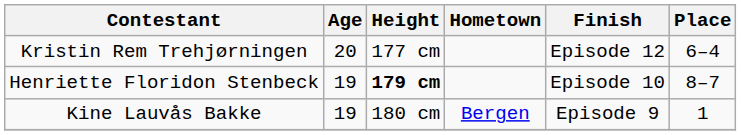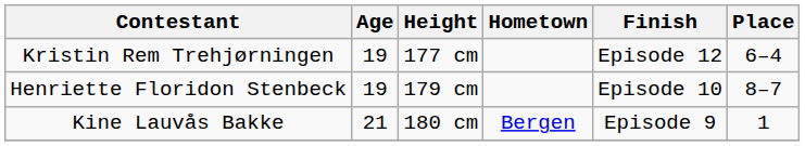 <table class="wikitable" style="text-align:center;">
 <tr>
 <th colspan="1">Contestant</th>
 <th colspan="1">Age</th>
 <th colspan="1">Height</th>
 <th colspan="1">Hometown</th>
 <th>Finish</th>
 <th>Place</th>
 </tr>
 <tr>
 <td>Kristin Rem Trehjørningen</td>
-<td>20</td>
+<td>19</td>
 <td>177 cm</td>
 <td></td>
 <td>Episode 12</td>
 <td>6–4</td>
 </tr>
 <tr>
 <td>Henriette Floridon Stenbeck</td>
 <td>19</td>
-<td><strong>179 cm</strong></td>
+<td>179 cm</td>
 <td></td>
 <td>Episode 10</td>
 <td>8–7</td>
 </tr>
 <tr>
 <td>Kine Lauvås Bakke</td>
-<td>19</td>
+<td>21</td>
 <td>180 cm</td>
 <td><a href='#'>Bergen</a></td>
 <td>Episode 9</td>
 <td>1</td>
 </tr>
 <tr>
 </tr>
 </table>
